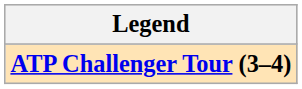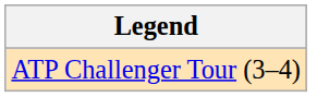 <table class=wikitable style=font-size:97%>
 <tr>
 <th>Legend</th>
 </tr>
 <tr bgcolor=moccasin>
-<td><strong><a href='#'>ATP Challenger Tour</a> (3–4)</strong></td>
+<td><a href='#'>ATP Challenger Tour</a> (3–4)</td>
 </tr>
 </table>
